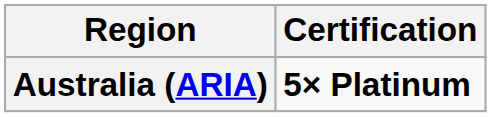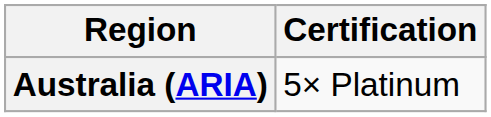 <table class="wikitable plainrowheaders">
 <tr>
 <th>Region</th>
 <th>Certification</th>
 </tr>
 <tr>
 <th scope="row">Australia (<a href='#'>ARIA</a>)</th>
-<td><strong>5× Platinum</strong></td>
+<td>5× Platinum</td>
 </tr>
 </table>
